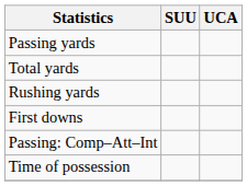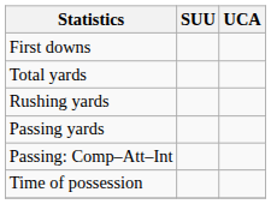 <table class="wikitable" style="float: left;">
 <tr>
 <th>Statistics</th>
 <th>SUU</th>
 <th>UCA</th>
 </tr>
 <tr>
-<td>Passing yards</td>
+<td>First downs</td>
 <td></td>
 <td></td>
 </tr>
 <tr>
 <td>Total yards</td>
 <td></td>
 <td></td>
 </tr>
 <tr>
 <td>Rushing yards</td>
 <td></td>
 <td></td>
 </tr>
 <tr>
-<td>First downs</td>
+<td>Passing yards</td>
 <td></td>
 <td></td>
 </tr>
 <tr>
 <td>Passing: Comp–Att–Int</td>
 <td></td>
 <td></td>
 </tr>
 <tr>
 <td>Time of possession</td>
 <td></td>
 <td></td>
 </tr>
 <tr>
 </tr>
 </table>
